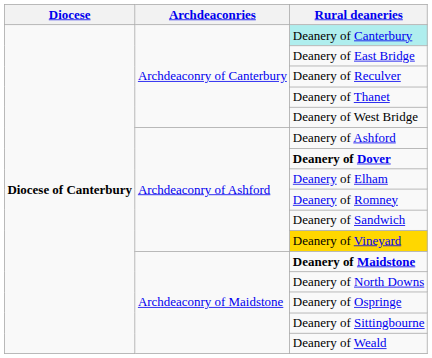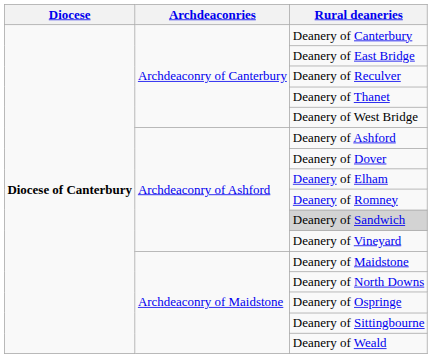 <table class="wikitable sortable">
 <tr>
 <th><a href='#'>Diocese</a></th>
 <th><a href='#'>Archdeaconries</a></th>
 <th><a href='#'>Rural deaneries</a></th>
 </tr>
 <tr>
 <td rowspan="16"><strong>Diocese of Canterbury</strong></td>
 <td rowspan="5"><a href='#'>Archdeaconry of Canterbury</a></td>
-<td style="background: paleturquoise;">Deanery of <a href='#'>Canterbury</a></td>
+<td>Deanery of <a href='#'>Canterbury</a></td>
 </tr>
 <tr>
 <td>Deanery of <a href='#'>East Bridge</a></td>
 </tr>
 <tr>
 <td>Deanery of <a href='#'>Reculver</a></td>
 </tr>
 <tr>
 <td>Deanery of <a href='#'>Thanet</a></td>
 </tr>
 <tr>
 <td>Deanery of West Bridge</td>
 </tr>
 <tr>
 <td rowspan="6"><a href='#'>Archdeaconry of Ashford</a></td>
 <td>Deanery of <a href='#'>Ashford</a></td>
 </tr>
 <tr>
-<td><strong>Deanery of <a href='#'>Dover</a></strong></td>
+<td>Deanery of <a href='#'>Dover</a></td>
 </tr>
 <tr>
 <td><a href='#'>Deanery</a> of <a href='#'>Elham</a></td>
 </tr>
 <tr>
 <td><a href='#'>Deanery</a> of <a href='#'>Romney</a></td>
 </tr>
 <tr>
-<td>Deanery of <a href='#'>Sandwich</a></td>
+<td style="background: lightgrey;">Deanery of <a href='#'>Sandwich</a></td>
 </tr>
 <tr>
-<td style="background: gold;">Deanery of <a href='#'>Vineyard</a></td>
+<td>Deanery of <a href='#'>Vineyard</a></td>
 </tr>
 <tr>
 <td rowspan="5"><a href='#'>Archdeaconry of Maidstone</a></td>
-<td><strong>Deanery of <a href='#'>Maidstone</a></strong></td>
+<td>Deanery of <a href='#'>Maidstone</a></td>
 </tr>
 <tr>
 <td>Deanery of <a href='#'>North Downs</a></td>
 </tr>
 <tr>
 <td>Deanery of <a href='#'>Ospringe</a></td>
 </tr>
 <tr>
 <td>Deanery of <a href='#'>Sittingbourne</a></td>
 </tr>
 <tr>
 <td>Deanery of <a href='#'>Weald</a></td>
 </tr>
 </table>
